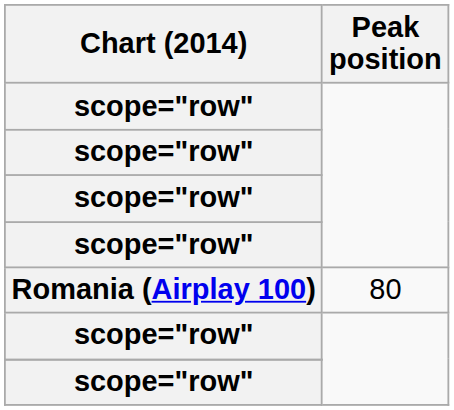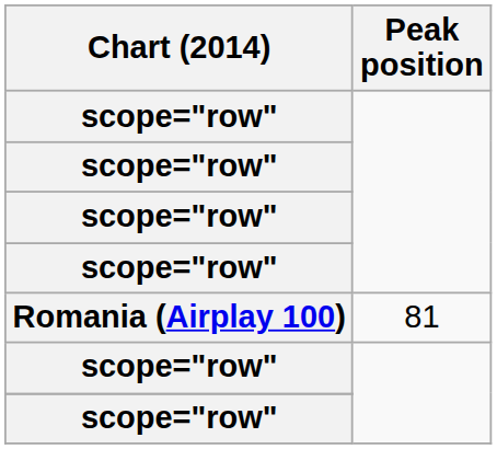 <table class="wikitable plainrowheaders sortable" style="text-align:left;">
 <tr>
 <th scope="col">Chart (2014)</th>
 <th scope="col">Peak<br>position</th>
 </tr>
 <tr>
 <th>scope="row" </th>
 </tr>
 <tr>
 <th>scope="row" </th>
 </tr>
 <tr>
 <th>scope="row"</th>
 </tr>
 <tr>
 <th>scope="row" </th>
 </tr>
 <tr>
 <th scope="row">Romania (<a href='#'>Airplay 100</a>)</th>
-<td align=center>80</td>
+<td align=center>81</td>
 </tr>
 <tr>
 <th>scope="row" </th>
 </tr>
 <tr>
 </tr>
 <tr>
 <th>scope="row" </th>
 </tr>
 </table>
